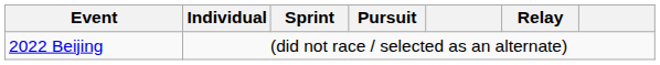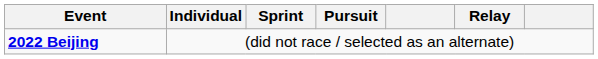 <table class="wikitable" style="text-align: center;">
 <tr>
 <th width="28%">Event</th>
 <th width="12%">Individual</th>
 <th width="12%">Sprint</th>
 <th width="12%">Pursuit</th>
 <th width="12%"></th>
 <th width="12%">Relay</th>
 <th width="12%"></th>
 </tr>
 <tr>
-<td align=left> <a href='#'>2022 Beijing</a></td>
+<td align=left><strong> <a href='#'>2022 Beijing</a></strong></td>
 <td colspan="6">(did not race / selected as an alternate)</td>
 </tr>
 </table>
